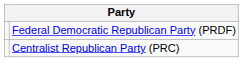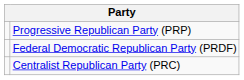 <table class="wikitable" style="text-align:left;">
 <tr>
 <th colspan="2">Party</th>
+</tr>
+<tr>
+<td width="1"></td>
+<td><a href='#'>Progressive Republican Party</a> (PRP)</td>
 </tr>
 <tr>
 <td></td>
 <td><a href='#'>Federal Democratic Republican Party</a> (PRDF)</td>
 </tr>
 <tr>
 <td></td>
 <td><a href='#'>Centralist Republican Party</a> (PRC)</td>
 </tr>
 </table>
